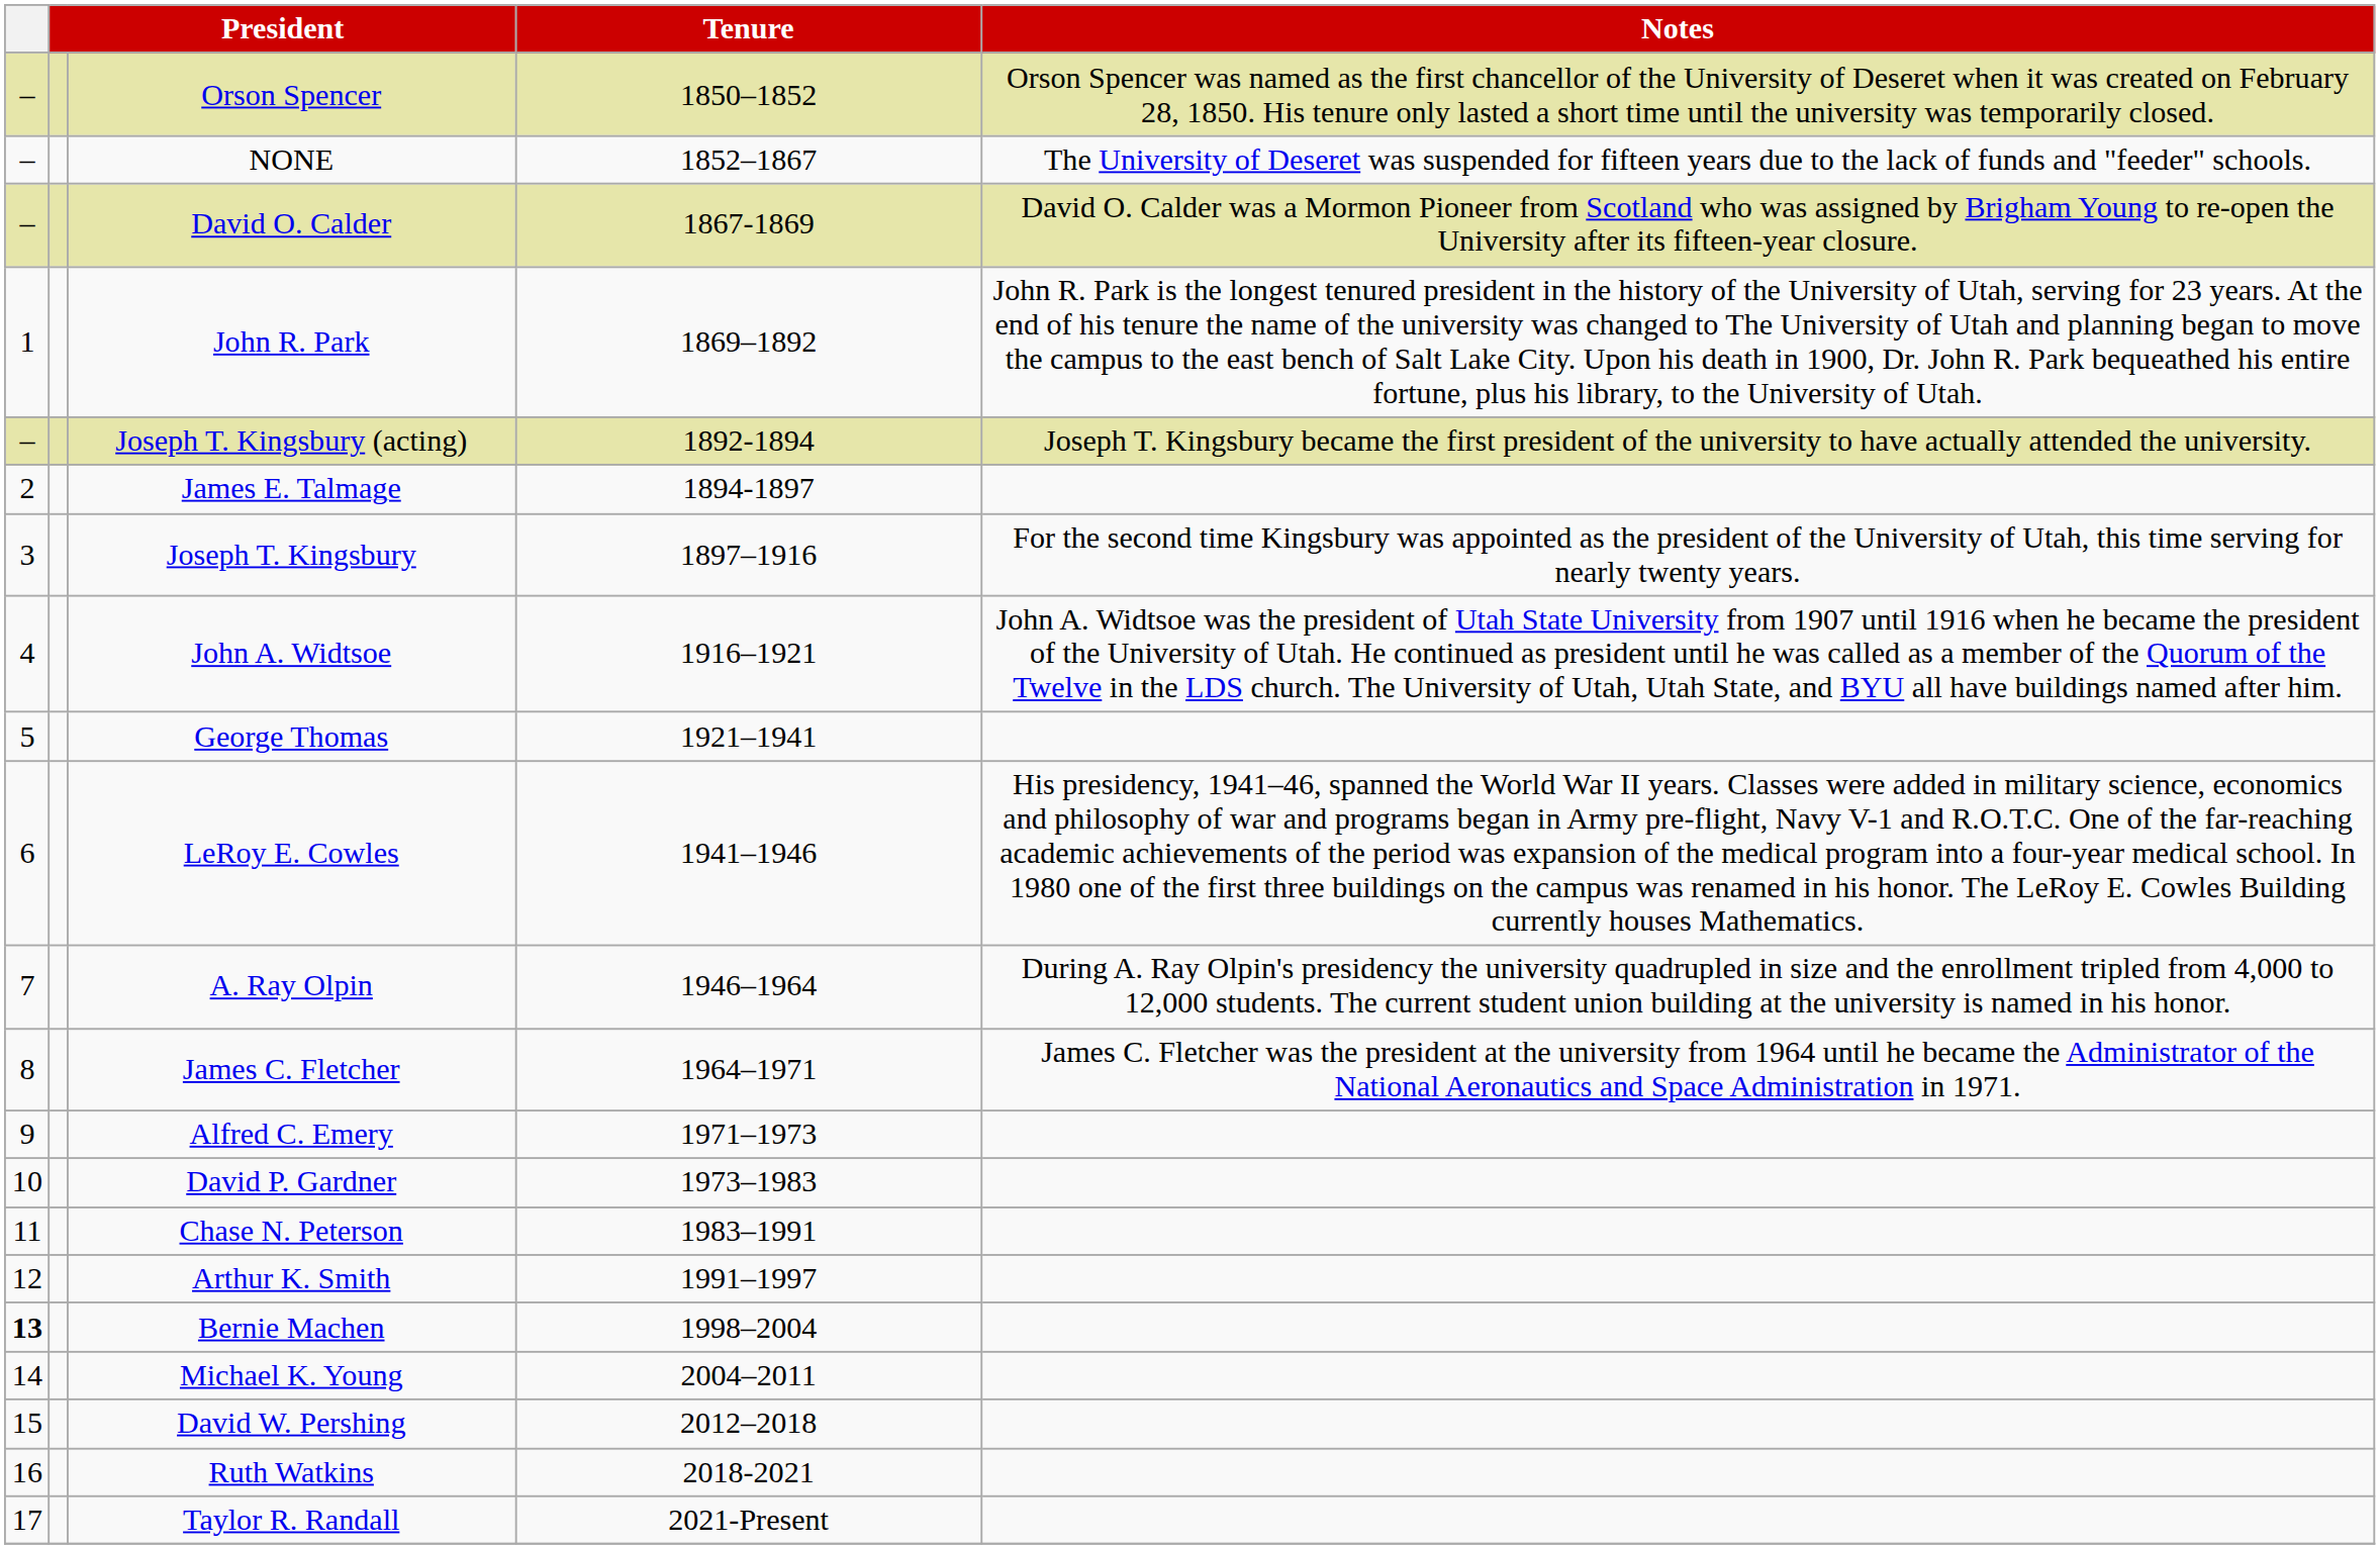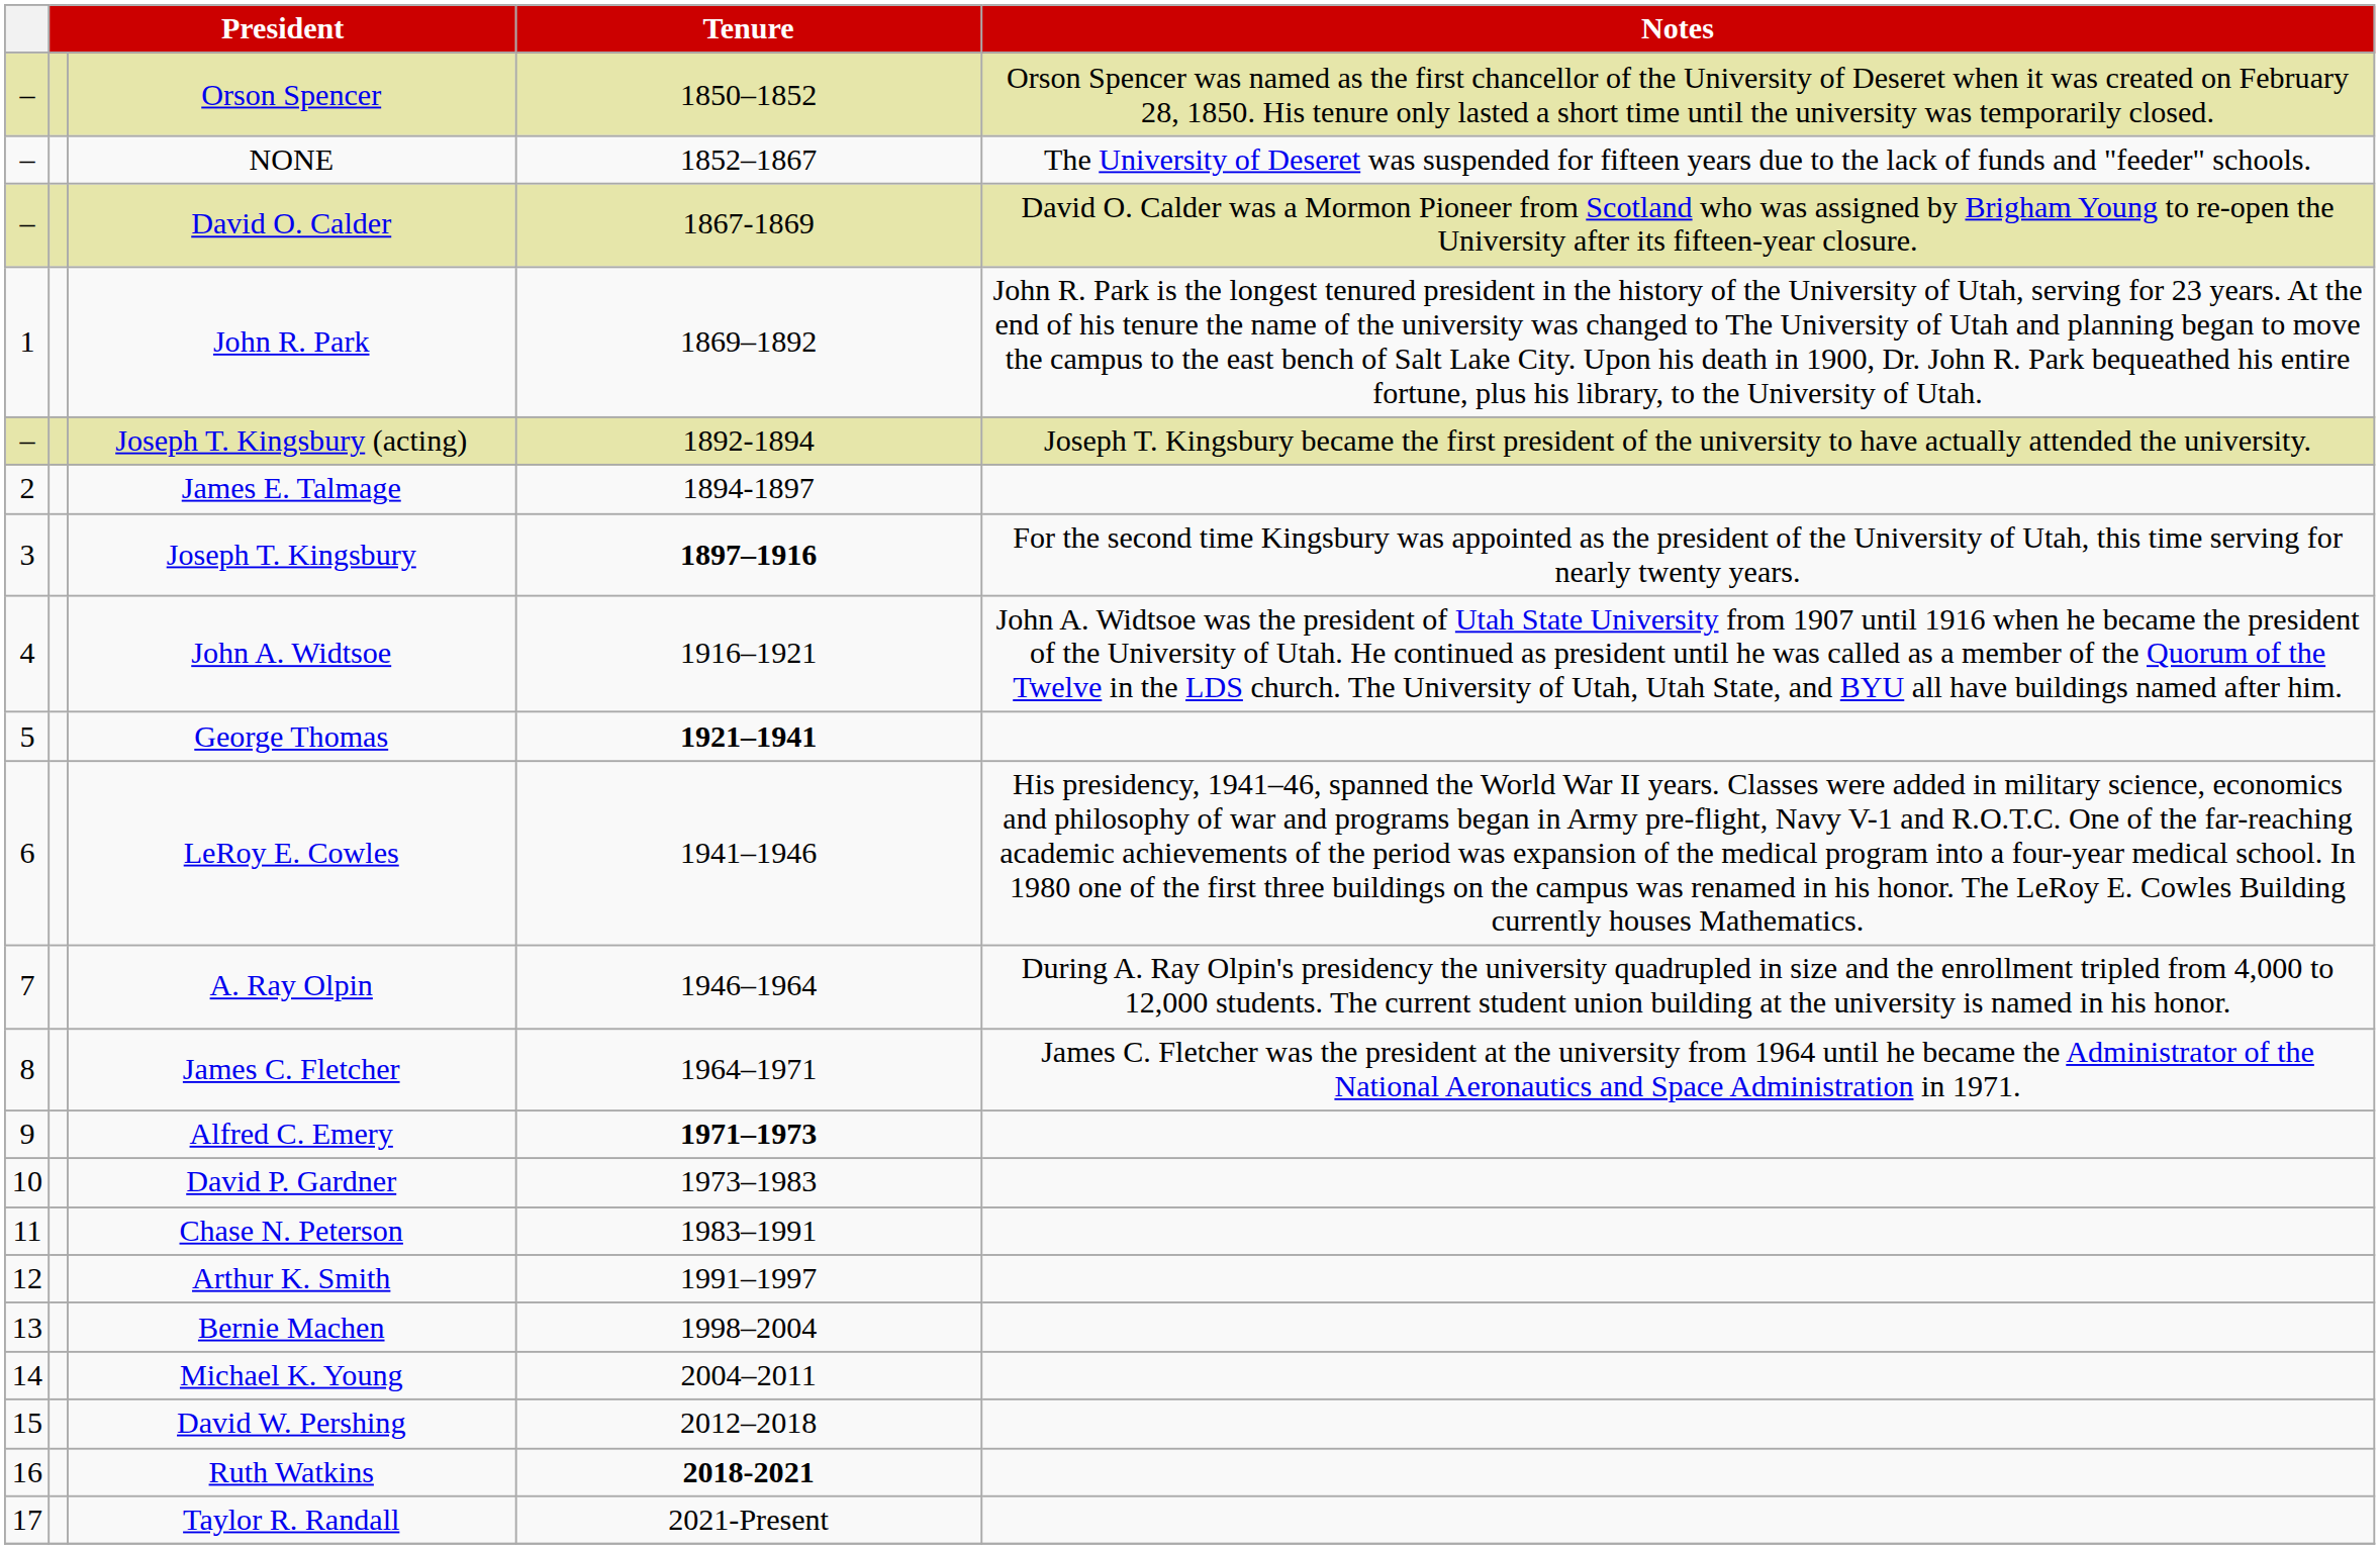 <table class="wikitable" style="text-align:center"; border="1">
 <tr>
 <th></th>
 <th width="20%" style="background-color:#CC0000; color:white;" colspan=2>President</th>
 <th width="20%" style="background-color:#CC0000; color:white;">Tenure</th>
 <th width="60%" style="background-color:#CC0000; color:white;">Notes</th>
 </tr>
 <tr bgcolor="#e6e6aa">
 <td>–</td>
 <td></td>
 <td><a href='#'>Orson Spencer</a></td>
 <td>1850–1852</td>
 <td>Orson Spencer was named as the first chancellor of the University of Deseret when it was created on February 28, 1850. His tenure only lasted a short time until the university was temporarily closed.</td>
 </tr>
 <tr>
 <td>–</td>
 <td></td>
 <td>NONE</td>
 <td>1852–1867</td>
 <td>The <a href='#'>University of Deseret</a> was suspended for fifteen years due to the lack of funds and "feeder" schools.</td>
 </tr>
 <tr bgcolor="#e6e6aa">
 <td>–</td>
 <td></td>
 <td><a href='#'>David O. Calder</a></td>
 <td>1867-1869</td>
 <td>David O. Calder was a Mormon Pioneer from <a href='#'>Scotland</a> who was assigned by <a href='#'>Brigham Young</a> to re-open the University after its fifteen-year closure.</td>
 </tr>
 <tr>
 <td>1</td>
 <td></td>
 <td><a href='#'>John R. Park</a></td>
 <td>1869–1892</td>
 <td>John R. Park is the longest tenured president in the history of the University of Utah, serving for 23 years. At the end of his tenure the name of the university was changed to The University of Utah and planning began to move the campus to the east bench of Salt Lake City. Upon his death in 1900, Dr. John R. Park bequeathed his entire fortune, plus his library, to the University of Utah.</td>
 </tr>
 <tr bgcolor="#e6e6aa">
 <td>–</td>
 <td></td>
 <td><a href='#'>Joseph T. Kingsbury</a> (acting)</td>
 <td>1892-1894</td>
 <td>Joseph T. Kingsbury became the first president of the university to have actually attended the university.</td>
 </tr>
 <tr>
 <td>2</td>
 <td></td>
 <td><a href='#'>James E. Talmage</a></td>
 <td>1894-1897</td>
 <td></td>
 </tr>
 <tr>
 <td>3</td>
 <td></td>
 <td><a href='#'>Joseph T. Kingsbury</a></td>
-<td>1897–1916</td>
+<td><strong>1897–1916</strong></td>
 <td>For the second time Kingsbury was appointed as the president of the University of Utah, this time serving for nearly twenty years.</td>
 </tr>
 <tr>
 <td>4</td>
 <td></td>
 <td><a href='#'>John A. Widtsoe</a></td>
 <td>1916–1921</td>
 <td>John A. Widtsoe was the president of <a href='#'>Utah State University</a> from 1907 until 1916 when he became the president of the University of Utah. He continued as president until he was called as a member of the <a href='#'>Quorum of the Twelve</a> in the <a href='#'>LDS</a> church. The University of Utah, Utah State, and <a href='#'>BYU</a> all have buildings named after him.</td>
 </tr>
 <tr>
 <td>5</td>
 <td></td>
 <td><a href='#'>George Thomas</a></td>
-<td>1921–1941</td>
+<td><strong>1921–1941</strong></td>
 <td></td>
 </tr>
 <tr>
 <td>6</td>
 <td></td>
 <td><a href='#'>LeRoy E. Cowles</a></td>
 <td>1941–1946</td>
 <td>His presidency, 1941–46, spanned the World War II years. Classes were added in military science, economics and philosophy of war and programs began in Army pre-flight, Navy V-1 and R.O.T.C. One of the far-reaching academic achievements of the period was expansion of the medical program into a four-year medical school.  In 1980 one of the first three buildings on the campus was renamed in his honor.  The LeRoy E. Cowles Building currently houses Mathematics.</td>
 </tr>
 <tr>
 <td>7</td>
 <td></td>
 <td><a href='#'>A. Ray Olpin</a></td>
 <td>1946–1964</td>
 <td>During A. Ray Olpin's presidency the university quadrupled in size and the enrollment tripled from 4,000 to 12,000 students. The current student union building at the university is named in his honor.</td>
 </tr>
 <tr>
 <td>8</td>
 <td></td>
 <td><a href='#'>James C. Fletcher</a></td>
 <td>1964–1971</td>
 <td>James C. Fletcher was the president at the university from 1964 until he became the <a href='#'>Administrator of the National Aeronautics and Space Administration</a> in 1971.</td>
 </tr>
 <tr>
 <td>9</td>
 <td></td>
 <td><a href='#'>Alfred C. Emery</a></td>
-<td>1971–1973</td>
+<td><strong>1971–1973</strong></td>
 <td></td>
 </tr>
 <tr>
 <td>10</td>
 <td></td>
 <td><a href='#'>David P. Gardner</a></td>
 <td>1973–1983</td>
 <td></td>
 </tr>
 <tr>
 <td>11</td>
 <td></td>
 <td><a href='#'>Chase N. Peterson</a></td>
 <td>1983–1991</td>
 <td></td>
 </tr>
 <tr>
 <td>12</td>
 <td></td>
 <td><a href='#'>Arthur K. Smith</a></td>
 <td>1991–1997</td>
 <td></td>
 </tr>
 <tr>
-<td><strong>13</strong></td>
+<td>13</td>
 <td></td>
 <td><a href='#'>Bernie Machen</a></td>
 <td>1998–2004</td>
 <td></td>
 </tr>
 <tr>
 <td>14</td>
 <td></td>
 <td><a href='#'>Michael K. Young</a></td>
 <td>2004–2011</td>
 <td></td>
 </tr>
 <tr>
 <td>15</td>
 <td></td>
 <td><a href='#'>David W. Pershing</a></td>
 <td>2012–2018</td>
 <td></td>
 </tr>
 <tr>
 <td>16</td>
 <td></td>
 <td><a href='#'>Ruth Watkins</a></td>
-<td>2018-2021</td>
+<td><strong>2018-2021</strong></td>
 <td></td>
 </tr>
 <tr>
 <td>17</td>
 <td></td>
 <td><a href='#'>Taylor R.  Randall</a></td>
 <td>2021-Present</td>
 <td></td>
 </tr>
 <tr>
 </tr>
 </table>
